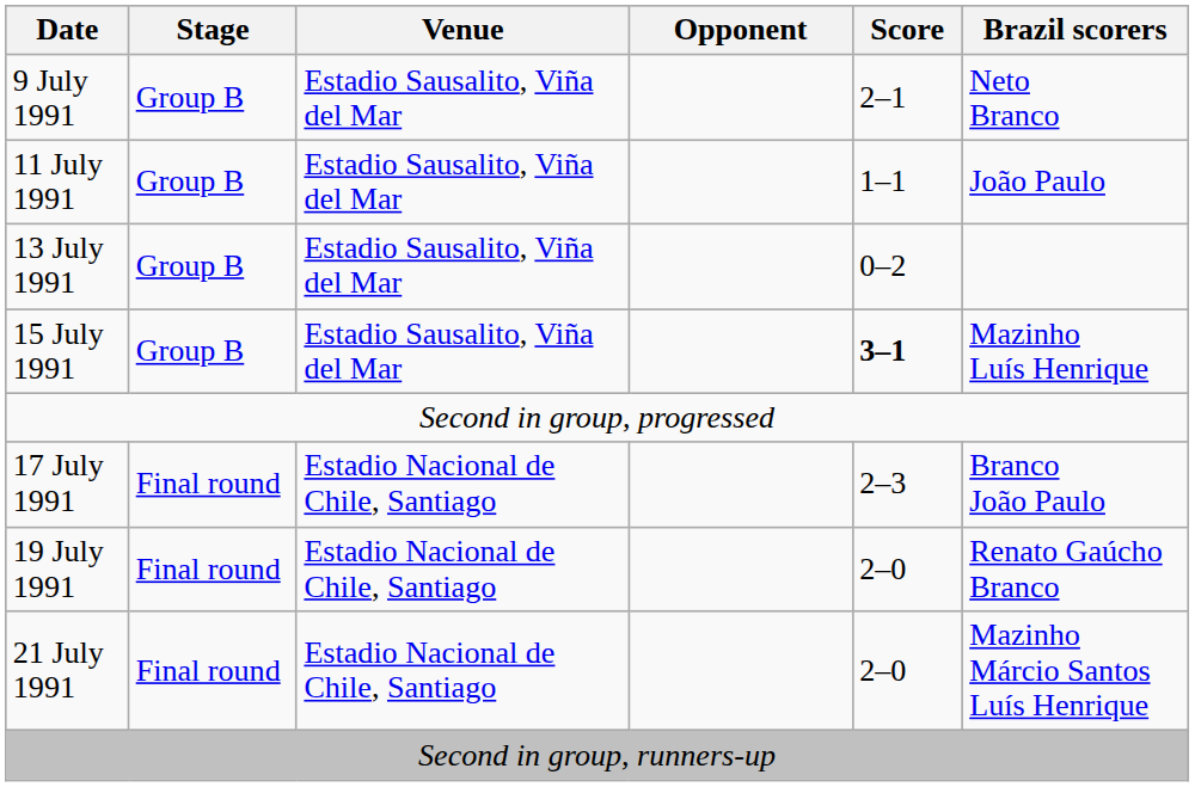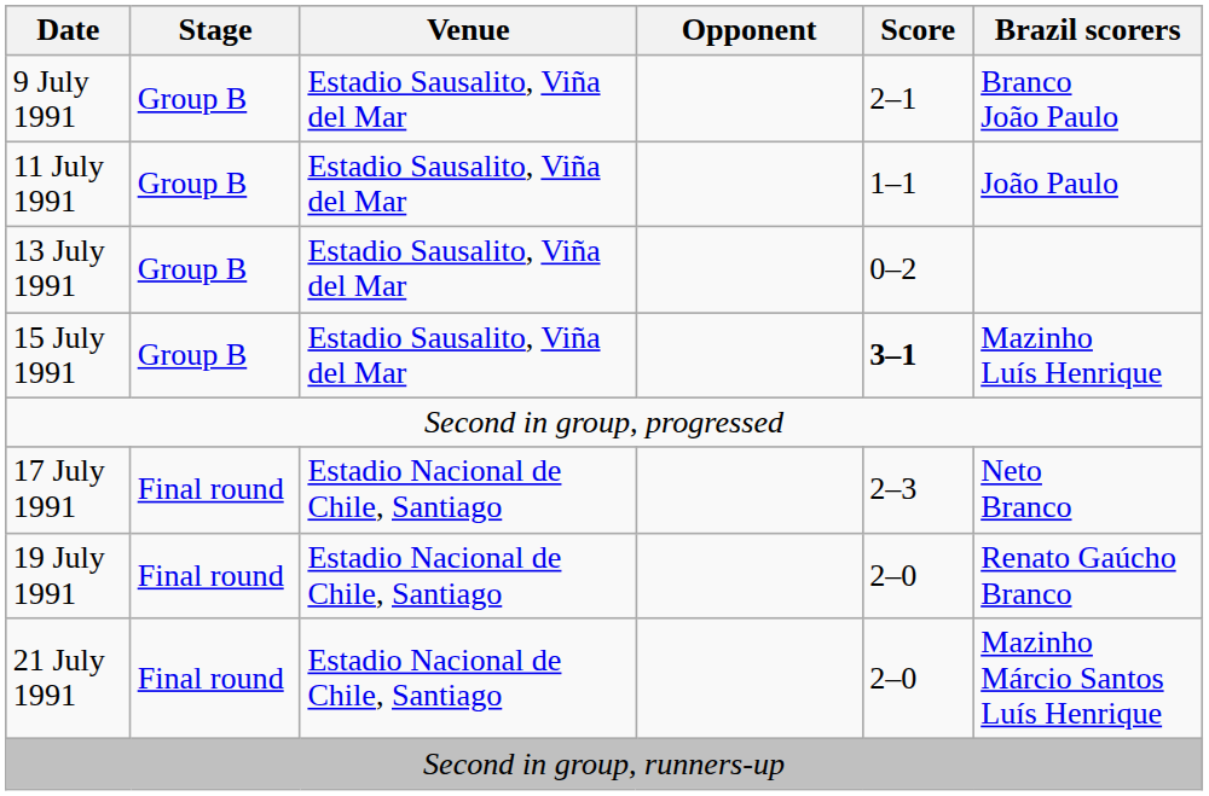 <table class="wikitable">
 <tr>
 <th width=100px>Date</th>
 <th width=150px>Stage</th>
 <th width=350px>Venue</th>
 <th width=180px>Opponent</th>
 <th width=70px>Score</th>
 <th width=200px>Brazil scorers</th>
 </tr>
 <tr>
 <td>9 July 1991</td>
 <td><a href='#'>Group B</a></td>
 <td><a href='#'>Estadio Sausalito</a>, <a href='#'>Viña del Mar</a></td>
 <td></td>
 <td>2–1</td>
-<td><a href='#'>Neto</a>  <br> <a href='#'>Branco</a> </td>
+<td><a href='#'>Branco</a>  <br> <a href='#'>João Paulo</a> </td>
 </tr>
 <tr>
 <td>11 July 1991</td>
 <td><a href='#'>Group B</a></td>
 <td><a href='#'>Estadio Sausalito</a>, <a href='#'>Viña del Mar</a></td>
 <td></td>
 <td>1–1</td>
 <td><a href='#'>João Paulo</a> </td>
 </tr>
 <tr>
 <td>13 July 1991</td>
 <td><a href='#'>Group B</a></td>
 <td><a href='#'>Estadio Sausalito</a>, <a href='#'>Viña del Mar</a></td>
 <td></td>
 <td>0–2</td>
 <td></td>
 </tr>
 <tr>
 <td>15 July 1991</td>
 <td><a href='#'>Group B</a></td>
 <td><a href='#'>Estadio Sausalito</a>, <a href='#'>Viña del Mar</a></td>
 <td></td>
 <td><strong>3–1</strong></td>
 <td><a href='#'>Mazinho</a>   <br> <a href='#'>Luís Henrique</a> </td>
 </tr>
 <tr>
 <td colspan="6" style="text-align:center;"><em>Second in group, progressed</em></td>
 </tr>
 <tr>
 <td>17 July 1991</td>
 <td><a href='#'>Final round</a></td>
 <td><a href='#'>Estadio Nacional de Chile</a>, <a href='#'>Santiago</a></td>
 <td></td>
 <td>2–3</td>
-<td><a href='#'>Branco</a>  <br> <a href='#'>João Paulo</a> </td>
+<td><a href='#'>Neto</a>  <br> <a href='#'>Branco</a> </td>
 </tr>
 <tr>
 <td>19 July 1991</td>
 <td><a href='#'>Final round</a></td>
 <td><a href='#'>Estadio Nacional de Chile</a>, <a href='#'>Santiago</a></td>
 <td></td>
 <td>2–0</td>
 <td><a href='#'>Renato Gaúcho</a>  <br> <a href='#'>Branco</a> </td>
 </tr>
 <tr>
 <td>21 July 1991</td>
 <td><a href='#'>Final round</a></td>
 <td><a href='#'>Estadio Nacional de Chile</a>, <a href='#'>Santiago</a></td>
 <td></td>
 <td>2–0</td>
 <td><a href='#'>Mazinho</a>  <br> <a href='#'>Márcio Santos</a>  <br> <a href='#'>Luís Henrique</a> </td>
 </tr>
 <tr>
 <td colspan="6"  style="text-align:center; background:silver;"><em>Second in group, runners-up</em></td>
 </tr>
 </table>
